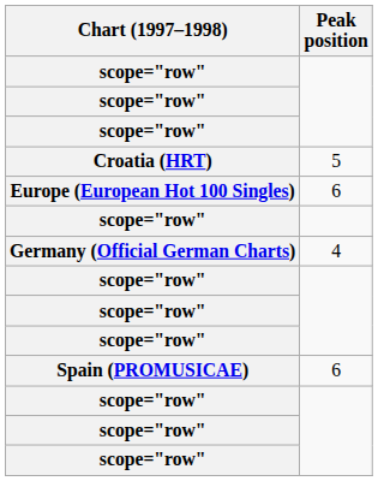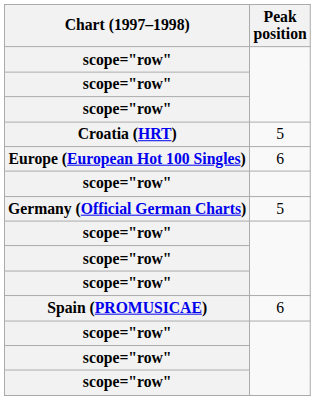 <table class="wikitable plainrowheaders sortable" style="text-align:center;">
 <tr>
 <th scope="col">Chart (1997–1998)</th>
 <th scope="col">Peak<br>position</th>
 </tr>
 <tr>
 <th>scope="row" </th>
 </tr>
 <tr>
 <th>scope="row" </th>
 </tr>
 <tr>
 <th>scope="row" </th>
 </tr>
 <tr>
 <th scope="row">Croatia (<a href='#'>HRT</a>)</th>
 <td>5</td>
 </tr>
 <tr>
 <th scope="row">Europe (<a href='#'>European Hot 100 Singles</a>)</th>
 <td align="center">6</td>
 </tr>
 <tr>
 <th>scope="row" </th>
 </tr>
 <tr>
 <th scope="row">Germany (<a href='#'>Official German Charts</a>)</th>
-<td>4</td>
+<td>5</td>
 </tr>
 <tr>
 <th>scope="row" </th>
 </tr>
 <tr>
 <th>scope="row" </th>
 </tr>
 <tr>
 <th>scope="row" </th>
 </tr>
 <tr>
 <th scope="row">Spain (<a href='#'>PROMUSICAE</a>)</th>
 <td>6</td>
 </tr>
 <tr>
 <th>scope="row" </th>
 </tr>
 <tr>
 <th>scope="row" </th>
 </tr>
 <tr>
 <th>scope="row" </th>
 </tr>
 <tr>
 </tr>
 </table>
